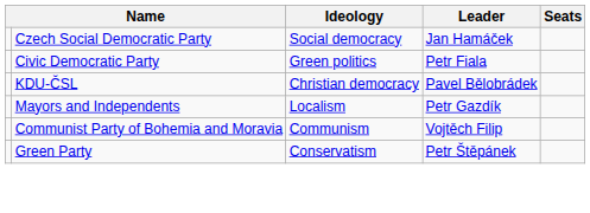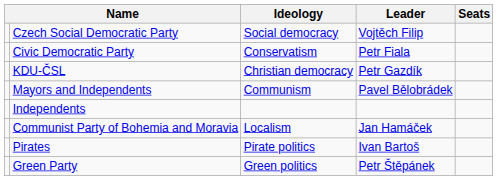 <table class="wikitable">
 <tr>
 <th colspan=2>Name</th>
 <th>Ideology</th>
 <th>Leader</th>
 <th>Seats</th>
 </tr>
 <tr>
 <td style="background:"></td>
 <td><a href='#'>Czech Social Democratic Party</a></td>
 <td><a href='#'>Social democracy</a></td>
-<td><a href='#'>Jan Hamáček</a></td>
+<td><a href='#'>Vojtěch Filip</a></td>
 <td></td>
 </tr>
 <tr>
 <td style="background:"></td>
 <td><a href='#'>Civic Democratic Party</a></td>
-<td><a href='#'>Green politics</a></td>
+<td><a href='#'>Conservatism</a></td>
 <td><a href='#'>Petr Fiala</a></td>
 <td></td>
 </tr>
 <tr>
 <td style="background:"></td>
 <td><a href='#'>KDU-ČSL</a></td>
 <td><a href='#'>Christian democracy</a></td>
+<td><a href='#'>Petr Gazdík</a></td>
+<td></td>
+</tr>
+<tr>
+<td style="background:"></td>
+<td><a href='#'>Mayors and Independents</a></td>
+<td><a href='#'>Communism</a></td>
 <td><a href='#'>Pavel Bělobrádek</a></td>
 <td></td>
 </tr>
 <tr>
 <td style="background:"></td>
-<td><a href='#'>Mayors and Independents</a></td>
-<td><a href='#'>Localism</a></td>
-<td><a href='#'>Petr Gazdík</a></td>
+<td><a href='#'>Independents</a></td>
+<td></td>
+<td></td>
 <td></td>
 </tr>
 <tr>
 <td style="background:"></td>
 <td><a href='#'>Communist Party of Bohemia and Moravia</a></td>
-<td><a href='#'>Communism</a></td>
-<td><a href='#'>Vojtěch Filip</a></td>
+<td><a href='#'>Localism</a></td>
+<td><a href='#'>Jan Hamáček</a></td>
+<td></td>
+</tr>
+<tr>
+<td style="background:"></td>
+<td><a href='#'>Pirates</a></td>
+<td><a href='#'>Pirate politics</a></td>
+<td><a href='#'>Ivan Bartoš</a></td>
 <td></td>
 </tr>
 <tr>
 <td style="background:"></td>
 <td><a href='#'>Green Party</a></td>
-<td><a href='#'>Conservatism</a></td>
+<td><a href='#'>Green politics</a></td>
 <td><a href='#'>Petr Štěpánek</a></td>
 <td></td>
 </tr>
 </table>
